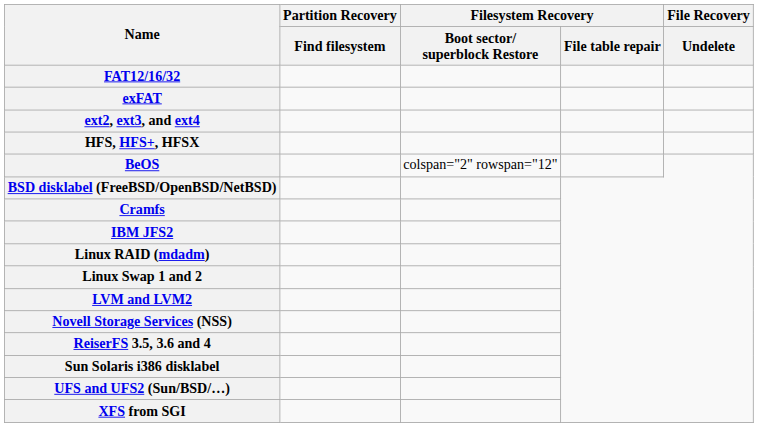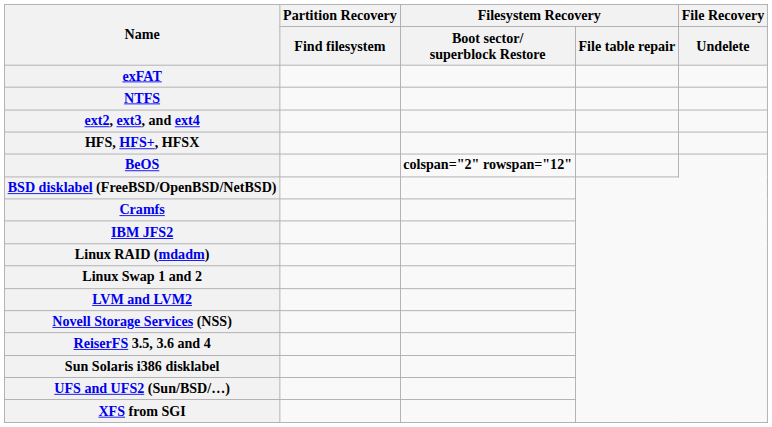 <table class="wikitable sortable plainrowheaders" style="text-align:center;">
 <tr>
 <th rowspan="2" scope="col">Name</th>
 <th scope="col">Partition Recovery</th>
 <th colspan="2" scope="col">Filesystem Recovery</th>
 <th scope="col">File Recovery</th>
 </tr>
 <tr>
 <th scope="col">Find filesystem</th>
 <th scope="col">Boot sector/<br>superblock Restore</th>
 <th scope="col">File table repair</th>
 <th scope="col">Undelete</th>
 </tr>
 <tr>
-<th scope="row"><a href='#'>FAT12/16/32</a></th>
+<th scope="row"><a href='#'>exFAT</a></th>
 <td></td>
 <td></td>
 <td></td>
 <td></td>
 </tr>
 <tr>
-<th scope="row"><a href='#'>exFAT</a></th>
+<th scope="row"><a href='#'>NTFS</a></th>
 <td></td>
 <td></td>
 <td></td>
 <td></td>
 </tr>
 <tr>
 <th scope="row"><a href='#'>ext2</a>, <a href='#'>ext3</a>, and <a href='#'>ext4</a></th>
 <td></td>
 <td></td>
 <td></td>
 <td></td>
 </tr>
 <tr>
 <th scope="row">HFS, <a href='#'>HFS+</a>, HFSX</th>
 <td></td>
 <td></td>
 <td></td>
 <td></td>
 </tr>
 <tr>
 <th scope="row"><a href='#'>BeOS</a></th>
 <td></td>
-<td>colspan="2" rowspan="12" </td>
+<td><strong>colspan="2" rowspan="12" </strong></td>
 <td></td>
 </tr>
 <tr>
 <th scope="row"><a href='#'>BSD disklabel</a> (FreeBSD/OpenBSD/NetBSD)</th>
 <td></td>
 <td></td>
 </tr>
 <tr>
 <th scope="row"><a href='#'>Cramfs</a></th>
 <td></td>
 <td></td>
 </tr>
 <tr>
 <th scope="row"><a href='#'>IBM JFS2</a></th>
 <td></td>
 <td></td>
 </tr>
 <tr>
 <th scope="row">Linux RAID (<a href='#'>mdadm</a>)</th>
 <td></td>
 <td></td>
 </tr>
 <tr>
 <th scope="row">Linux Swap 1 and 2</th>
 <td></td>
 <td></td>
 </tr>
 <tr>
 <th scope="row"><a href='#'>LVM and LVM2</a></th>
 <td></td>
 <td></td>
 </tr>
 <tr>
 <th scope="row"><a href='#'>Novell Storage Services</a> (NSS)</th>
 <td></td>
 <td></td>
 </tr>
 <tr>
 <th scope="row"><a href='#'>ReiserFS</a> 3.5, 3.6 and 4</th>
 <td></td>
 <td></td>
 </tr>
 <tr>
 <th scope="row">Sun Solaris i386 disklabel</th>
 <td></td>
 <td></td>
 </tr>
 <tr>
 <th scope="row"><a href='#'>UFS and UFS2</a> (Sun/BSD/…)</th>
 <td></td>
 <td></td>
 </tr>
 <tr>
 <th scope="row"><a href='#'>XFS</a> from SGI</th>
 <td></td>
 <td></td>
 </tr>
 </table>
